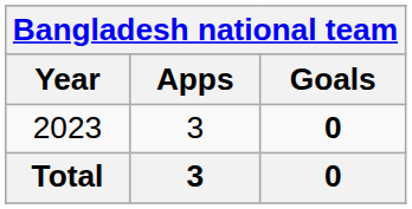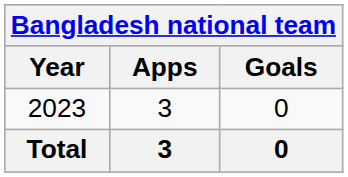 <table class=wikitable style=text-align:center>
 <tr>
 <th colspan=4><a href='#'>Bangladesh national team</a></th>
 </tr>
 <tr>
 <th>Year</th>
 <th>Apps</th>
 <th>Goals</th>
 </tr>
 <tr>
 <td>2023</td>
 <td>3</td>
-<td><strong>0</strong></td>
+<td>0</td>
 </tr>
 <tr>
 <th colspan=1>Total</th>
 <th>3</th>
 <th>0</th>
 </tr>
 </table>
